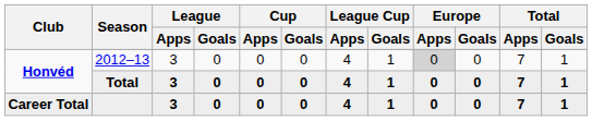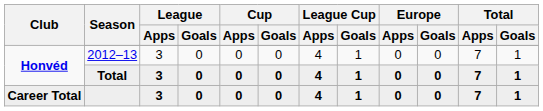 <table class="wikitable" style="font-size:90%; text-align: center;">
 <tr>
 <th rowspan="2">Club</th>
 <th rowspan="2">Season</th>
 <th colspan="2">League</th>
 <th colspan="2">Cup</th>
 <th colspan="2">League Cup</th>
 <th colspan="2">Europe</th>
 <th colspan="2">Total</th>
 </tr>
 <tr>
 <th>Apps</th>
 <th>Goals</th>
 <th>Apps</th>
 <th>Goals</th>
 <th>Apps</th>
 <th>Goals</th>
 <th>Apps</th>
 <th>Goals</th>
 <th>Apps</th>
 <th>Goals</th>
 </tr>
 <tr ||-||-||-|->
 <td rowspan="3" valign="center"><strong><a href='#'>Honvéd</a></strong></td>
 </tr>
 <tr>
 <td><a href='#'>2012–13</a></td>
 <td>3</td>
 <td>0</td>
 <td>0</td>
 <td>0</td>
 <td>4</td>
 <td>1</td>
-<td style="background: lightgrey;">0</td>
+<td>0</td>
 <td>0</td>
 <td>7</td>
 <td>1</td>
 </tr>
 <tr style="font-weight:bold; background-color:#eeeeee;">
 <td>Total</td>
 <td>3</td>
 <td>0</td>
 <td>0</td>
 <td>0</td>
 <td>4</td>
 <td>1</td>
 <td>0</td>
 <td>0</td>
 <td>7</td>
 <td>1</td>
 </tr>
 <tr style="font-weight:bold; background-color:#eeeeee;">
 <td rowspan="1" valign="top"><strong>Career Total</strong></td>
 <td></td>
 <td><strong>3</strong></td>
 <td><strong>0</strong></td>
 <td><strong>0</strong></td>
 <td><strong>0</strong></td>
 <td><strong>4</strong></td>
 <td><strong>1</strong></td>
 <td><strong>0</strong></td>
 <td><strong>0</strong></td>
 <td><strong>7</strong></td>
 <td><strong>1</strong></td>
 </tr>
 </table>
